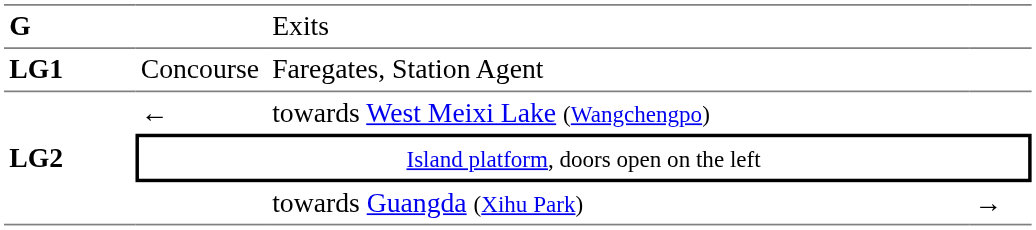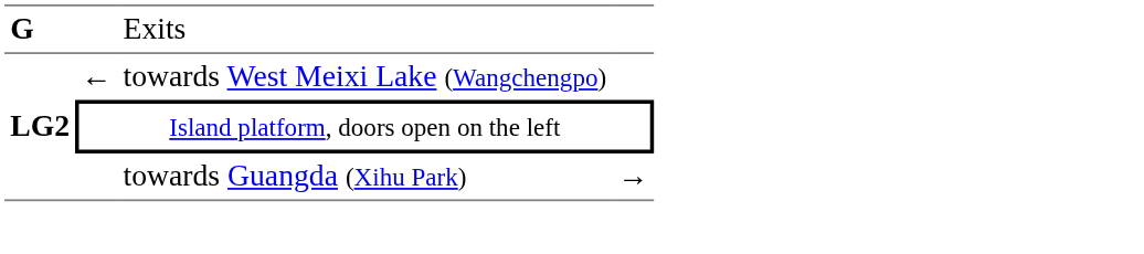 <table table border=0 cellspacing=0 cellpadding=3>
 <tr>
 <td style="border-bottom:solid 1px gray; border-top:solid 1px gray;" valign=top><strong>G</strong></td>
 <td style="border-bottom:solid 1px gray; border-top:solid 1px gray;" valign=top></td>
 <td style="border-bottom:solid 1px gray; border-top:solid 1px gray;" valign=top>Exits</td>
 <td style="border-bottom:solid 1px gray; border-top:solid 1px gray;" valign=top></td>
-</tr>
-<tr>
-<td style="border-bottom:solid 1px gray;" width=70><strong>LG1</strong></td>
-<td style="border-bottom:solid 1px gray;" width=70>Concourse</td>
-<td style="border-bottom:solid 1px gray;" width=400>Faregates, Station Agent</td>
-<td style="border-bottom:solid 1px gray;" width=30></td>
 </tr>
 <tr>
 <td style="border-bottom:solid 1px gray;" rowspan=3><strong>LG2</strong></td>
 <td>←</td>
 <td> towards <a href='#'>West Meixi Lake</a> <small>(<a href='#'>Wangchengpo</a>)</small></td>
 <td></td>
 </tr>
 <tr>
 <td style="border-right:solid 2px black;border-left:solid 2px black;border-top:solid 2px black;border-bottom:solid 2px black;text-align:center;" colspan=3><small><a href='#'>Island platform</a>, doors open on the left</small></td>
 </tr>
 <tr>
 <td style="border-bottom:solid 1px gray;"></td>
 <td style="border-bottom:solid 1px gray;"> towards <a href='#'>Guangda</a> <small>(<a href='#'>Xihu Park</a>)</small></td>
 <td style="border-bottom:solid 1px gray;">→</td>
 </tr>
 <tr>
 </tr>
 </table>
